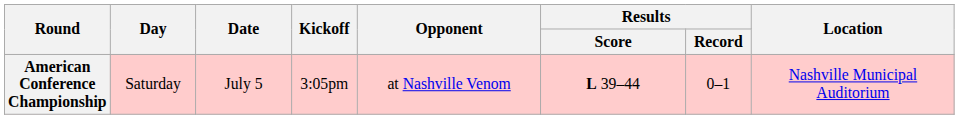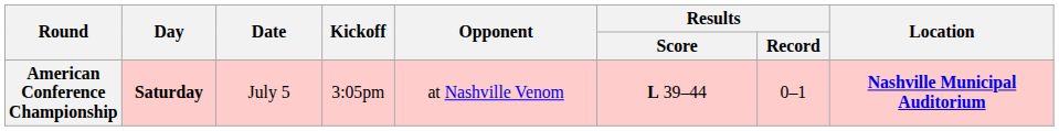 <table class="wikitable">
 <tr>
 <th rowspan="2" width="40">Round</th>
 <th rowspan="2" width="80">Day</th>
 <th rowspan="2" width="90">Date</th>
 <th rowspan="2" width="60">Kickoff</th>
 <th rowspan="2" width="180">Opponent</th>
 <th colspan="2" width="200">Results</th>
 <th rowspan="2" width="200">Location</th>
 </tr>
 <tr>
 <th width="140">Score</th>
 <th width="60">Record</th>
 </tr>
 <tr align="center" bgcolor="#FFCCCC">
 <th>American Conference Championship</th>
-<td>Saturday</td>
+<td><strong>Saturday</strong></td>
 <td>July 5</td>
 <td>3:05pm</td>
 <td>at <a href='#'>Nashville Venom</a></td>
 <td><strong>L</strong> 39–44</td>
 <td>0–1</td>
-<td><a href='#'>Nashville Municipal Auditorium</a></td>
+<td><strong><a href='#'>Nashville Municipal Auditorium</a></strong></td>
 </tr>
 </table>
